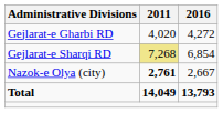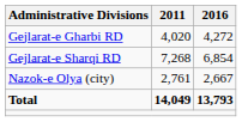 <table class="wikitable">
 <tr>
 <th>Administrative Divisions</th>
 <th>2011</th>
 <th>2016</th>
 </tr>
 <tr>
 <td><a href='#'>Gejlarat-e Gharbi RD</a></td>
 <td style="text-align: right;">4,020</td>
 <td style="text-align: right;">4,272</td>
 </tr>
 <tr>
 <td><a href='#'>Gejlarat-e Sharqi RD</a></td>
-<td style="background: khaki; text-align: right;">7,268</td>
+<td style="text-align: right;">7,268</td>
 <td style="text-align: right;">6,854</td>
 </tr>
 <tr>
 <td><a href='#'>Nazok-e Olya</a> (city)</td>
-<td style="text-align: right;"><strong>2,761</strong></td>
+<td style="text-align: right;">2,761</td>
 <td style="text-align: right;">2,667</td>
 </tr>
 <tr>
 <td><strong>Total</strong></td>
 <td style="text-align: right;"><strong>14,049</strong></td>
 <td style="text-align: right;"><strong>13,793</strong></td>
 </tr>
 <tr>
 <td colspan=3></td>
 </tr>
 </table>
